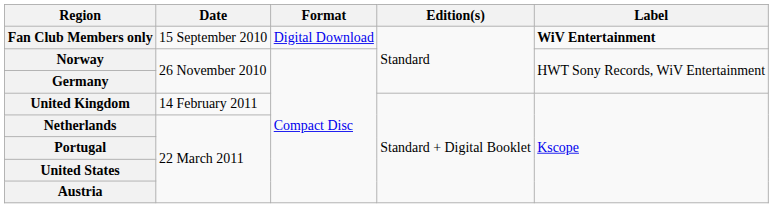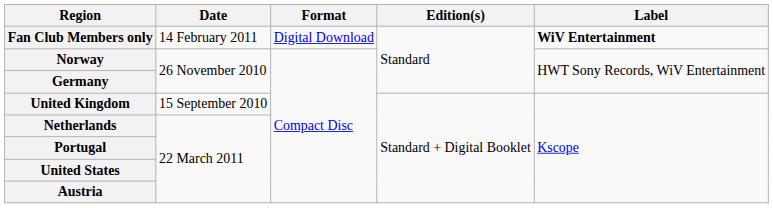 <table class="wikitable plainrowheaders">
 <tr>
 <th scope="col">Region</th>
 <th scope="col">Date</th>
 <th scope="col">Format</th>
 <th scope="col">Edition(s)</th>
 <th scope="col">Label</th>
 </tr>
 <tr>
 <th scope="row">Fan Club Members only</th>
-<td>15 September 2010</td>
+<td>14 February 2011</td>
 <td><a href='#'>Digital Download</a></td>
 <td rowspan="3">Standard</td>
 <td><strong>WiV Entertainment</strong></td>
 </tr>
 <tr>
 <th scope="row">Norway</th>
 <td rowspan="2">26 November 2010</td>
 <td rowspan="7"><a href='#'>Compact Disc</a></td>
 <td rowspan="2">HWT Sony Records, WiV Entertainment</td>
 </tr>
 <tr>
 <th scope="row">Germany</th>
 </tr>
 <tr>
 <th scope="row">United Kingdom</th>
-<td>14 February 2011</td>
+<td>15 September 2010</td>
 <td rowspan="5">Standard + Digital Booklet</td>
 <td rowspan="5"><a href='#'>Kscope</a></td>
 </tr>
 <tr>
 <th scope="row">Netherlands</th>
 <td rowspan="4">22 March 2011</td>
 </tr>
 <tr>
 <th scope="row">Portugal</th>
 </tr>
 <tr>
 <th scope="row">United States</th>
 </tr>
 <tr>
 <th scope="row">Austria</th>
 </tr>
 </table>
